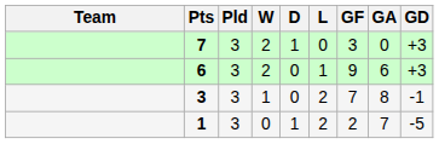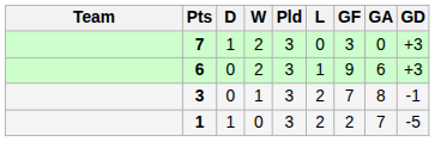 <table class="wikitable" style="text-align:center;">
 <tr>
 <th width=165>Team</th>
 <th width=20>Pts</th>
+<th width=20>D</th>
+<th width=20>W</th>
 <th width=20>Pld</th>
-<th width=20>W</th>
-<th width=20>D</th>
 <th width=20>L</th>
 <th width=20>GF</th>
 <th width=20>GA</th>
 <th width=20>GD</th>
 </tr>
 <tr align=center style="background:#ccffcc;">
 <td style="text-align:left;"></td>
 <td><strong>7</strong></td>
+<td>1</td>
+<td>2</td>
 <td>3</td>
-<td>2</td>
-<td>1</td>
 <td>0</td>
 <td>3</td>
 <td>0</td>
 <td>+3</td>
 </tr>
 <tr align=center style="background:#ccffcc;">
 <td style="text-align:left;"></td>
 <td><strong>6</strong></td>
+<td>0</td>
+<td>2</td>
 <td>3</td>
-<td>2</td>
-<td>0</td>
 <td>1</td>
 <td>9</td>
 <td>6</td>
 <td>+3</td>
 </tr>
 <tr align=center style="background:#f5f5f5;">
 <td style="text-align:left;"></td>
 <td><strong>3</strong></td>
+<td>0</td>
+<td>1</td>
 <td>3</td>
-<td>1</td>
-<td>0</td>
 <td>2</td>
 <td>7</td>
 <td>8</td>
 <td>-1</td>
 </tr>
 <tr align=center style="background:#f5f5f5;">
 <td style="text-align:left;"></td>
 <td><strong>1</strong></td>
+<td>1</td>
+<td>0</td>
 <td>3</td>
-<td>0</td>
-<td>1</td>
 <td>2</td>
 <td>2</td>
 <td>7</td>
 <td>-5</td>
 </tr>
 </table>
